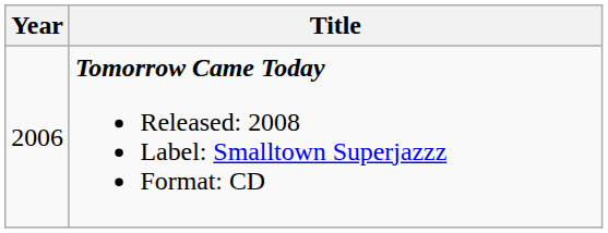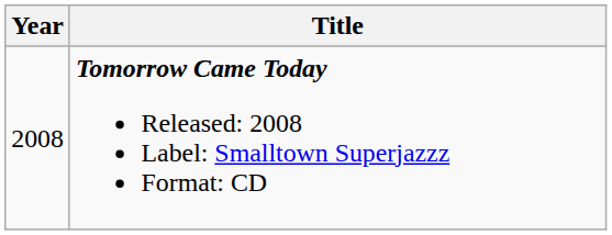 <table class="wikitable">
 <tr>
 <th>Year</th>
 <th style="width:225px;">Title</th>
 </tr>
 <tr>
-<td>2006</td>
+<td>2008</td>
 <td style="width:20em"><strong><em>Tomorrow Came Today</em></strong><br><ul><li>Released: 2008</li><li>Label: <a href='#'>Smalltown Superjazzz</a> </li><li>Format: CD</li></ul></td>
 </tr>
 </table>
